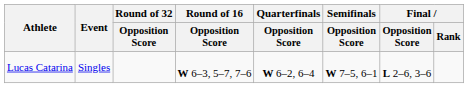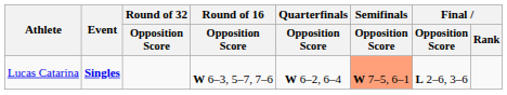 <table class=wikitable style="font-size:90%">
 <tr>
 <th rowspan="2">Athlete</th>
 <th rowspan="2">Event</th>
 <th>Round of 32</th>
 <th>Round of 16</th>
 <th>Quarterfinals</th>
 <th>Semifinals</th>
 <th colspan=2>Final / </th>
 </tr>
 <tr style="font-size:95%">
 <th>Opposition<br>Score</th>
 <th>Opposition<br>Score</th>
 <th>Opposition<br>Score</th>
 <th>Opposition<br>Score</th>
 <th>Opposition<br>Score</th>
 <th>Rank</th>
 </tr>
 <tr align=center>
 <td align=left><a href='#'>Lucas Catarina</a></td>
-<td align=left><a href='#'>Singles</a></td>
+<td align=left><strong><a href='#'>Singles</a></strong></td>
 <td></td>
 <td><br><strong>W</strong> 6–3, 5–7, 7–6</td>
 <td><br><strong>W</strong> 6–2, 6–4</td>
-<td><br><strong>W</strong> 7–5, 6–1</td>
+<td style="background: lightsalmon;"><br><strong>W</strong> 7–5, 6–1</td>
 <td><br><strong>L</strong> 2–6, 3–6</td>
 <td></td>
 </tr>
 </table>
